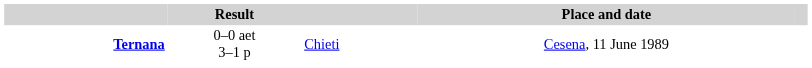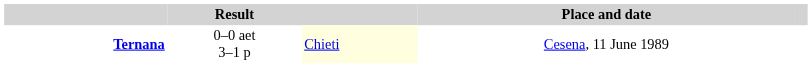 <table align=center style="font-size: 85%; border-collapse:collapse" border=0 cellspacing=0 cellpadding=2 width=60%>
 <tr bgcolor="D3D3D3">
 <th align=right></th>
 <th>Result</th>
 <th align=left></th>
 <th>Place and date</th>
 <th></th>
 </tr>
 <tr>
 <td align=right><strong><a href='#'>Ternana</a></strong></td>
 <td align=center>0–0 aet <br> 3–1 p</td>
-<td><a href='#'>Chieti</a></td>
+<td style="background: lightyellow;"><a href='#'>Chieti</a></td>
 <td align=center><a href='#'>Cesena</a>, 11 June 1989</td>
 </tr>
 </table>
